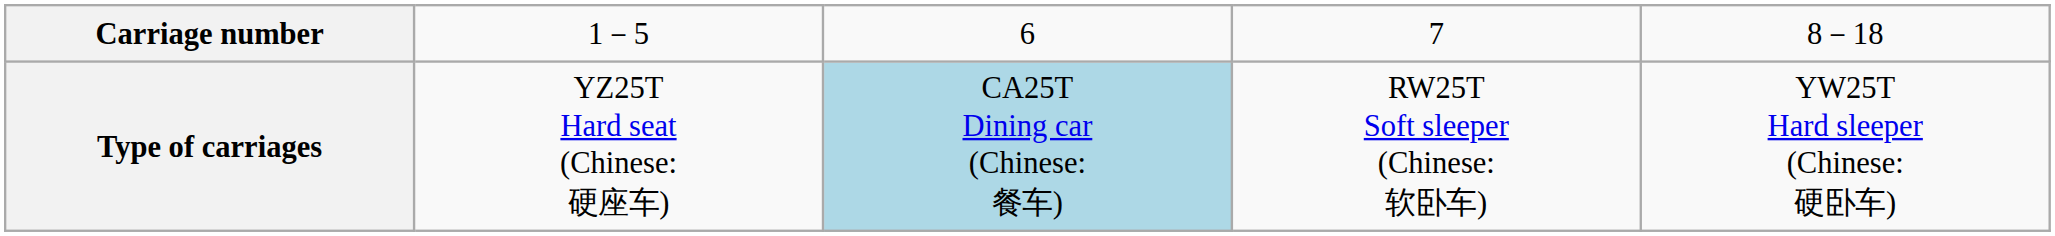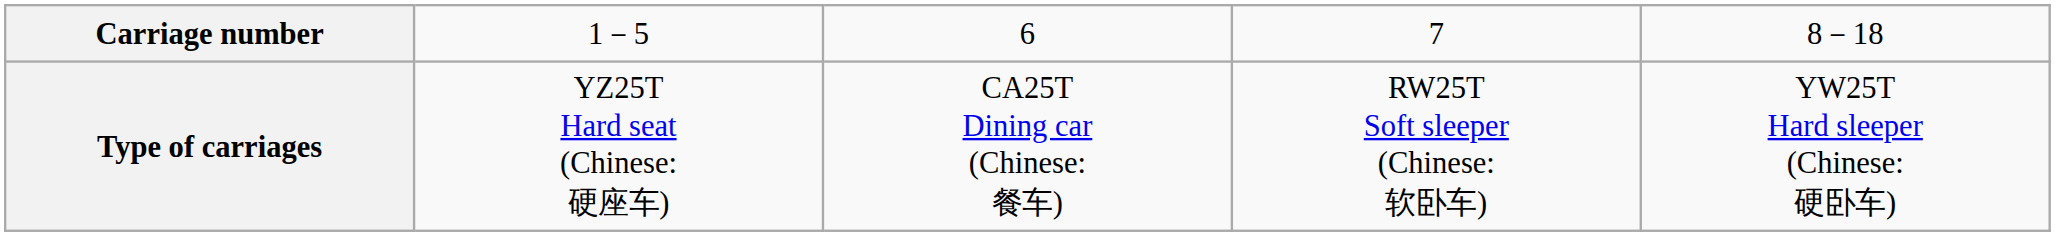 <table class="wikitable" style="text-align: center; font-size: small;">
 <tr>
 <th>Carriage number</th>
 <td>1－5</td>
 <td>6</td>
 <td>7</td>
 <td>8－18</td>
 </tr>
 <tr>
 <th style="width: 10%;">Type of carriages</th>
 <td style="width: 10%;">YZ25T<br><a href='#'>Hard seat</a><br>(Chinese:<br>硬座车)</td>
-<td style="background: lightblue; width: 10%;">CA25T<br><a href='#'>Dining car</a><br>(Chinese:<br>餐车)</td>
+<td style="width: 10%;">CA25T<br><a href='#'>Dining car</a><br>(Chinese:<br>餐车)</td>
 <td style="width: 10%;">RW25T<br><a href='#'>Soft sleeper</a><br>(Chinese:<br>软卧车)</td>
 <td style="width: 10%;">YW25T<br><a href='#'>Hard sleeper</a><br>(Chinese:<br>硬卧车)</td>
 </tr>
 </table>
